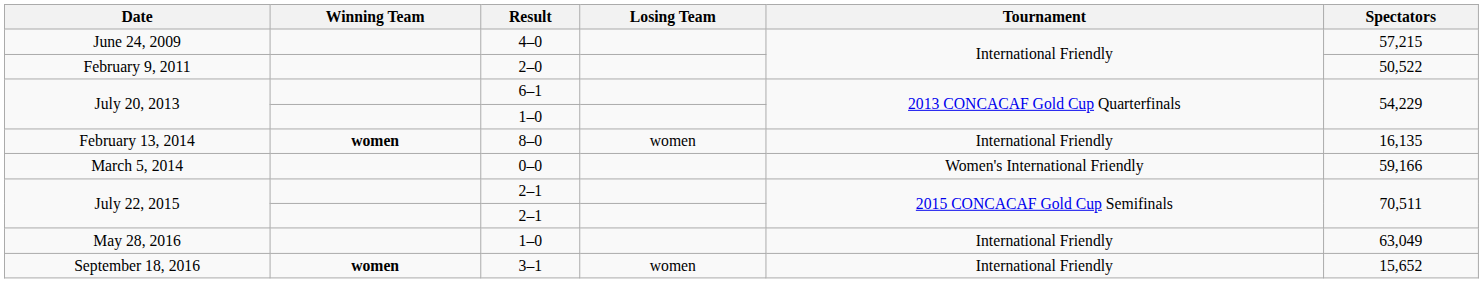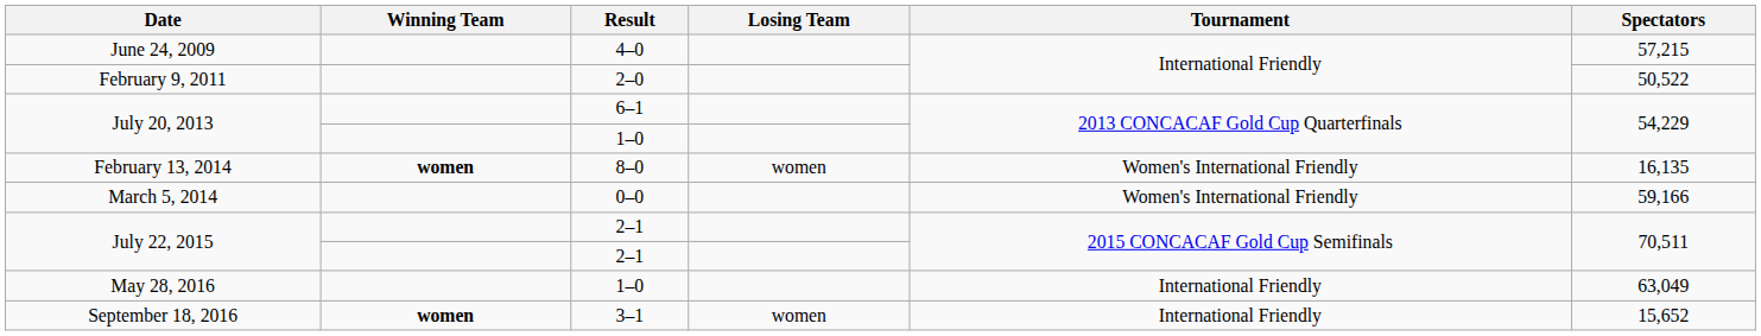 <table class="wikitable"  style="text-align:left; width:95%; text-align:center;">
 <tr>
 <th style="text-align:center; ">Date</th>
 <th style="text-align:center; ">Winning Team</th>
 <th style="text-align:center; ">Result</th>
 <th style="text-align:center; ">Losing Team</th>
 <th style="text-align:center; ">Tournament</th>
 <th style="text-align:center; ">Spectators</th>
 </tr>
 <tr>
 <td style="text-align:center;">June 24, 2009</td>
 <td><strong></strong></td>
 <td style="text-align:center;">4–0</td>
 <td></td>
 <td style="text-align:center;" rowspan=2>International Friendly</td>
 <td style="text-align:center;">57,215</td>
 </tr>
 <tr>
 <td style="text-align:center;">February 9, 2011</td>
 <td><strong></strong></td>
 <td style="text-align:center;">2–0</td>
 <td></td>
 <td style="text-align:center;">50,522</td>
 </tr>
 <tr>
 <td style="text-align:center;" rowspan=2>July 20, 2013</td>
 <td><strong></strong></td>
 <td style="text-align:center;">6–1</td>
 <td></td>
 <td style="text-align:center;" rowspan=2><a href='#'>2013 CONCACAF Gold Cup</a> Quarterfinals</td>
 <td style="text-align:center;" rowspan=2>54,229</td>
 </tr>
 <tr>
 <td><strong></strong></td>
 <td style="text-align:center;">1–0</td>
 <td></td>
 </tr>
 <tr>
 <td style="text-align:center;">February 13, 2014</td>
 <td><strong> women</strong></td>
 <td style="text-align:center;">8–0</td>
 <td> women</td>
-<td style="text-align:center;">International Friendly</td>
+<td style="text-align:center;">Women's International Friendly</td>
 <td style="text-align:center;">16,135</td>
 </tr>
 <tr>
 <td style="text-align:center;">March 5, 2014</td>
 <td></td>
 <td style="text-align:center;">0–0</td>
 <td></td>
 <td style="text-align:center;">Women's International Friendly</td>
 <td style="text-align:center;">59,166</td>
 </tr>
 <tr>
 <td rowspan="2">July 22, 2015</td>
 <td><strong></strong></td>
 <td>2–1</td>
 <td></td>
 <td rowspan="2"><a href='#'>2015 CONCACAF Gold Cup</a> Semifinals</td>
 <td rowspan="2">70,511</td>
 </tr>
 <tr>
 <td><strong></strong></td>
 <td>2–1</td>
 <td></td>
 </tr>
 <tr>
 <td style="text-align:center;">May 28, 2016</td>
 <td><strong></strong></td>
 <td style="text-align:center;">1–0</td>
 <td></td>
 <td style="text-align:center;">International Friendly</td>
 <td style="text-align:center;">63,049</td>
 </tr>
 <tr>
 <td style="text-align:center;">September 18, 2016</td>
 <td><strong> women</strong></td>
 <td style="text-align:center;">3–1</td>
 <td> women</td>
 <td style="text-align:center;">International Friendly</td>
 <td style="text-align:center;">15,652</td>
 </tr>
 </table>
